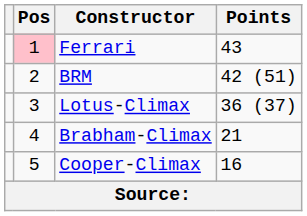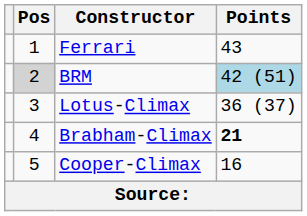 <table class="wikitable" style="font-size: 95%;">
 <tr>
 <th></th>
 <th>Pos</th>
 <th>Constructor</th>
 <th>Points</th>
 </tr>
 <tr>
 <td align="left"></td>
-<td align="center" style="background: pink;">1</td>
+<td align="center">1</td>
 <td> <a href='#'>Ferrari</a></td>
 <td align="left">43</td>
 </tr>
 <tr>
 <td align="left"></td>
-<td align="center">2</td>
+<td align="center" style="background: lightgrey;">2</td>
 <td> <a href='#'>BRM</a></td>
-<td align="left">42 (51)</td>
+<td align="left" style="background: lightblue;">42 (51)</td>
 </tr>
 <tr>
 <td align="left"></td>
 <td align="center">3</td>
 <td> <a href='#'>Lotus</a>-<a href='#'>Climax</a></td>
 <td align="left">36 (37)</td>
 </tr>
 <tr>
 <td align="left"></td>
 <td align="center">4</td>
 <td> <a href='#'>Brabham</a>-<a href='#'>Climax</a></td>
-<td align="left">21</td>
+<td align="left"><strong>21</strong></td>
 </tr>
 <tr>
 <td align="left"></td>
 <td align="center">5</td>
 <td> <a href='#'>Cooper</a>-<a href='#'>Climax</a></td>
 <td align="left">16</td>
 </tr>
 <tr>
 <th colspan=4>Source:</th>
 </tr>
 </table>
